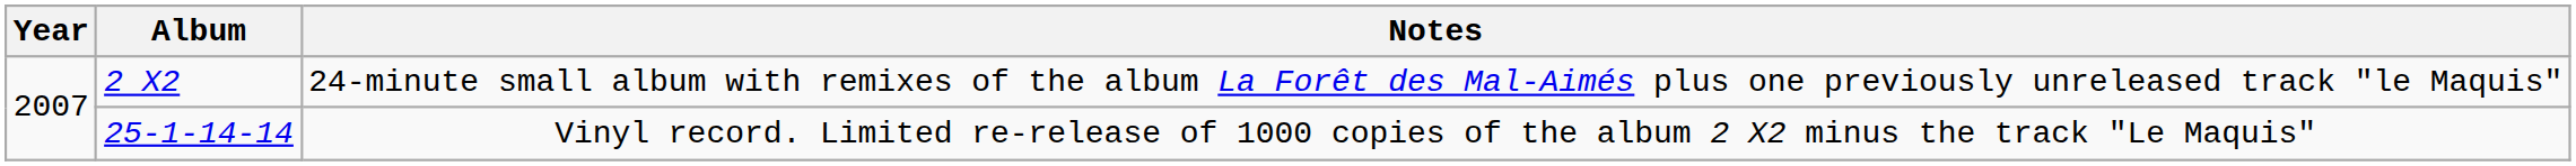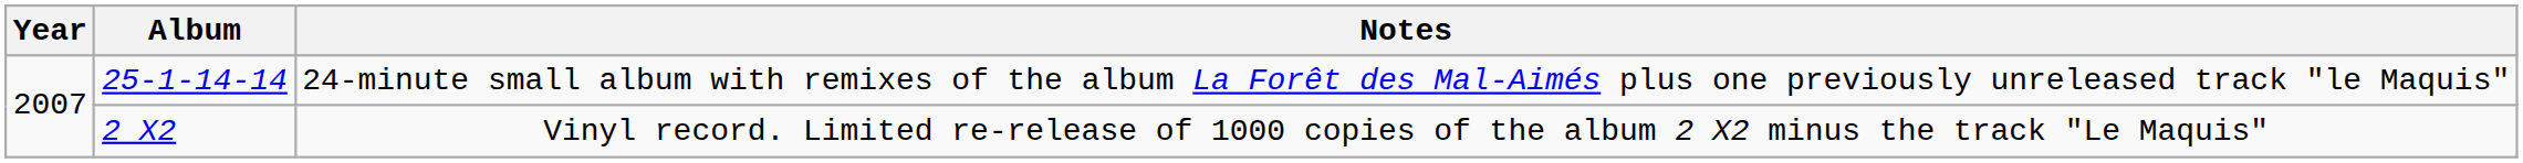 <table class="wikitable">
 <tr>
 <th scope="col">Year</th>
 <th scope="col">Album</th>
 <th scope="col">Notes</th>
 </tr>
 <tr>
 <td style="text-align:center;" rowspan=2>2007</td>
-<td><em><a href='#'>2 X2</a></em></td>
+<td><em><a href='#'>25-1-14-14</a></em></td>
 <td style="text-align:center;">24-minute small album with remixes of the album <em><a href='#'>La Forêt des Mal-Aimés</a></em> plus one previously unreleased track "le Maquis"</td>
 </tr>
 <tr>
-<td><em><a href='#'>25-1-14-14</a></em></td>
+<td><em><a href='#'>2 X2</a></em></td>
 <td style="text-align:center;">Vinyl record. Limited re-release of 1000 copies of the album <em>2 X2</em> minus the track "Le Maquis"</td>
 </tr>
 </table>
